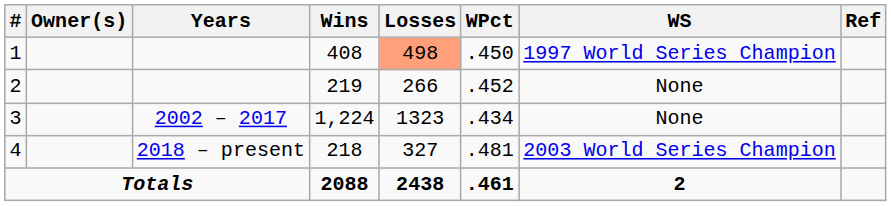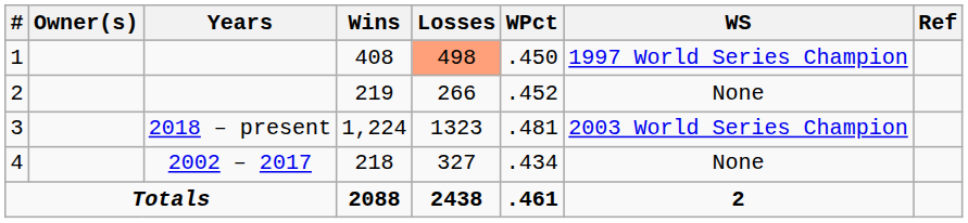 <table class="wikitable sortable" style="text-align:center">
 <tr>
 <th class="unsortable">#</th>
 <th>Owner(s)</th>
 <th>Years</th>
 <th>Wins</th>
 <th>Losses</th>
 <th>WPct</th>
 <th>WS</th>
 <th class="unsortable">Ref</th>
 </tr>
 <tr>
 <td>1</td>
 <td></td>
 <td></td>
 <td>408</td>
 <td style="background: lightsalmon;">498</td>
 <td>.450</td>
 <td><a href='#'>1997 World Series Champion</a></td>
 <td></td>
 </tr>
 <tr>
 <td>2</td>
 <td></td>
 <td></td>
 <td>219</td>
 <td>266</td>
 <td>.452</td>
 <td>None</td>
 <td></td>
 </tr>
 <tr>
 <td>3</td>
 <td></td>
-<td><a href='#'>2002</a> – <a href='#'>2017</a></td>
+<td><a href='#'>2018</a> – present</td>
 <td>1,224</td>
 <td>1323</td>
-<td>.434</td>
-<td>None</td>
+<td>.481</td>
+<td><a href='#'>2003 World Series Champion</a></td>
 <td></td>
 </tr>
 <tr>
 <td>4</td>
 <td></td>
-<td><a href='#'>2018</a> – present</td>
+<td><a href='#'>2002</a> – <a href='#'>2017</a></td>
 <td>218</td>
 <td>327</td>
-<td>.481</td>
-<td><a href='#'>2003 World Series Champion</a></td>
+<td>.434</td>
+<td>None</td>
 <td></td>
 </tr>
 <tr class="sortbottom">
 <td colspan="3"><strong><em>Totals</em></strong></td>
 <td><strong>2088</strong></td>
 <td><strong>2438</strong></td>
 <td><strong>.461</strong></td>
 <td><strong>2</strong></td>
 <td></td>
 </tr>
 </table>
